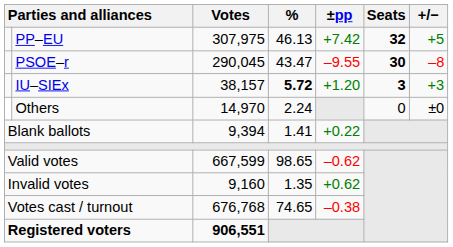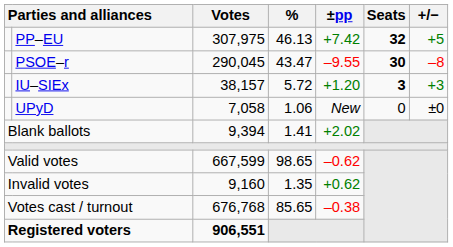 <table class="wikitable" style="text-align:right;">
 <tr>
 <th style="text-align:left;" colspan="2" width="200">Parties and alliances</th>
 <th width="75">Votes</th>
 <th width="45">%</th>
 <th width="45">±<a href='#'>pp</a></th>
 <th width="35">Seats</th>
 <th width="35">+/−</th>
 </tr>
 <tr>
 <td width="1" style="color:inherit;background:"></td>
 <td align="left"><a href='#'>PP</a>–<a href='#'>EU</a></td>
 <td>307,975</td>
 <td>46.13</td>
 <td style="color:green;">+7.42</td>
 <td><strong>32</strong></td>
 <td style="color:green;">+5</td>
 </tr>
 <tr>
 <td style="color:inherit;background:"></td>
 <td align="left"><a href='#'>PSOE</a>–<a href='#'>r</a></td>
 <td>290,045</td>
 <td>43.47</td>
 <td style="color:red;">–9.55</td>
 <td><strong>30</strong></td>
 <td style="color:red;">–8</td>
 </tr>
 <tr>
 <td style="color:inherit;background:"></td>
 <td align="left"><a href='#'>IU</a>–<a href='#'>SIEx</a></td>
 <td>38,157</td>
-<td><strong>5.72</strong></td>
+<td>5.72</td>
 <td style="color:green;">+1.20</td>
 <td><strong>3</strong></td>
 <td style="color:green;">+3</td>
 </tr>
 <tr>
-<td bgcolor="white"></td>
-<td align="left">Others</td>
-<td>14,970</td>
-<td>2.24</td>
-<td bgcolor="#E9E9E9"></td>
+<td style="color:inherit;background:"></td>
+<td align="left"><a href='#'>UPyD</a></td>
+<td>7,058</td>
+<td>1.06</td>
+<td><em>New</em></td>
 <td>0</td>
 <td>±0</td>
 </tr>
 <tr>
 <td align="left" colspan="2">Blank ballots</td>
 <td>9,394</td>
 <td>1.41</td>
-<td style="color:green;">+0.22</td>
+<td style="color:green;">+2.02</td>
 <td bgcolor="#E9E9E9" colspan="2"></td>
 </tr>
 <tr>
 <td colspan="7" bgcolor="#E9E9E9"></td>
 </tr>
 <tr>
 <td align="left" colspan="2">Valid votes</td>
 <td>667,599</td>
 <td>98.65</td>
 <td style="color:red;">–0.62</td>
 <td bgcolor="#E9E9E9" colspan="2" rowspan="4"></td>
 </tr>
 <tr>
 <td align="left" colspan="2">Invalid votes</td>
 <td>9,160</td>
 <td>1.35</td>
 <td style="color:green;">+0.62</td>
 </tr>
 <tr>
 <td align="left" colspan="2">Votes cast / turnout</td>
 <td>676,768</td>
-<td>74.65</td>
+<td>85.65</td>
 <td style="color:red;">–0.38</td>
 </tr>
 <tr style="font-weight:bold;">
 <td align="left" colspan="2">Registered voters</td>
 <td>906,551</td>
 <td bgcolor="#E9E9E9" colspan="2"></td>
 </tr>
 </table>
